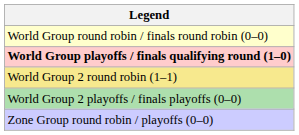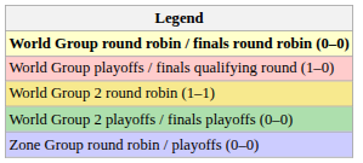 <table class=wikitable style=font-size:90%>
 <tr>
 <th>Legend</th>
 </tr>
 <tr bgcolor=ffffcc>
-<td>World Group round robin / finals round robin (0–0)</td>
+<td><strong>World Group round robin / finals round robin (0–0)</strong></td>
 </tr>
 <tr bgcolor="ffcccc">
-<td><strong>World Group playoffs / finals qualifying round (1–0)</strong></td>
+<td>World Group playoffs / finals qualifying round (1–0)</td>
 </tr>
 <tr bgcolor=f7e98e>
 <td>World Group 2 round robin (1–1)</td>
 </tr>
 <tr bgcolor=addfad>
 <td>World Group 2 playoffs / finals playoffs (0–0)</td>
 </tr>
 <tr bgcolor=#ccf>
 <td>Zone Group round robin / playoffs (0–0)</td>
 </tr>
 </table>
